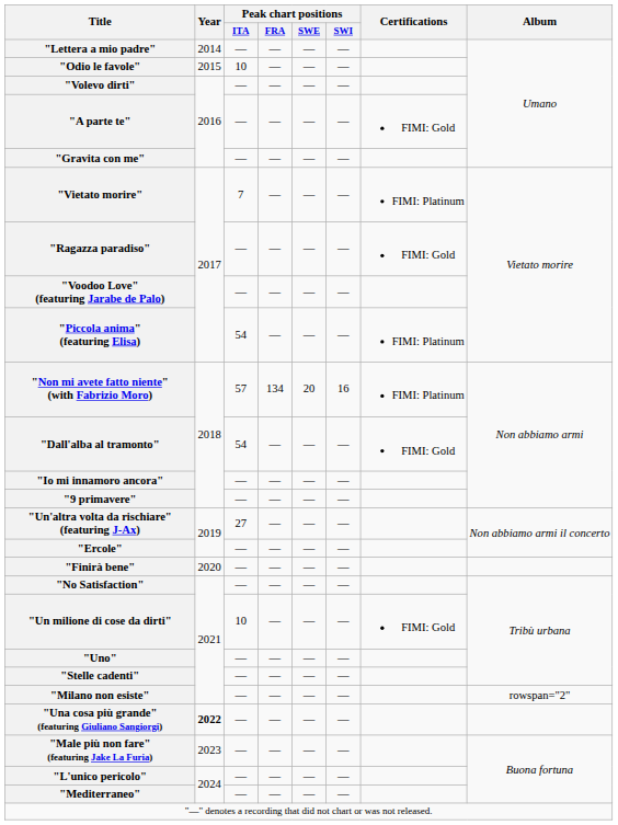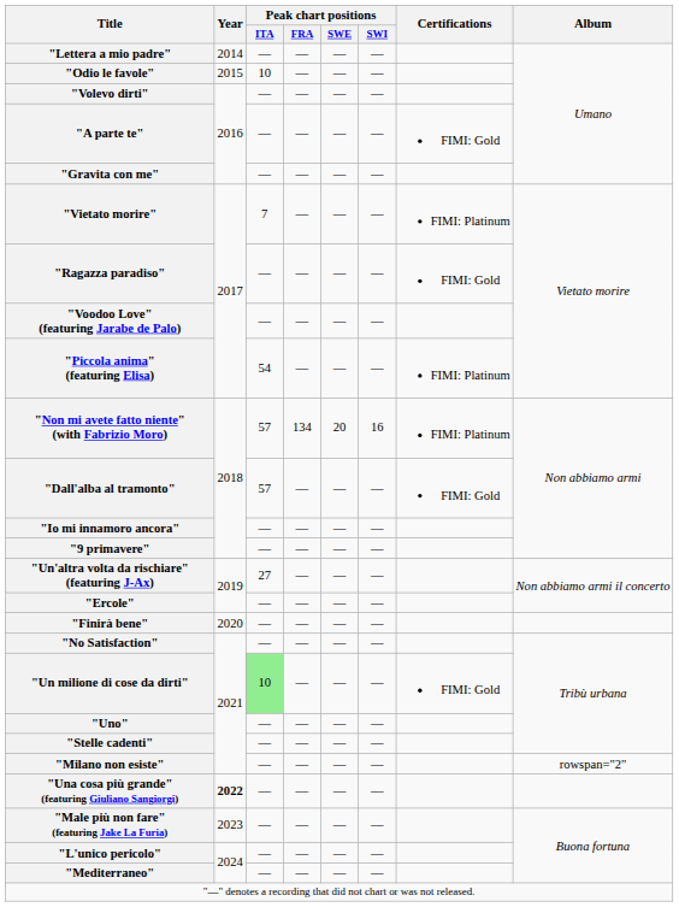 <table class="wikitable plainrowheaders" style="text-align:center;">
 <tr>
 <th scope="col" rowspan="2" style="width:16em;">Title</th>
 <th scope="col" rowspan="2" style="width:1em;">Year</th>
 <th scope="col" colspan="4">Peak chart positions</th>
 <th scope="col" rowspan="2">Certifications</th>
 <th scope="col" rowspan="2">Album</th>
 </tr>
 <tr>
 <th scope="col" style="width:3em;font-size:85%;"><a href='#'>ITA</a><br></th>
 <th scope="col" style="width:3em;font-size:85%;"><a href='#'>FRA</a><br></th>
 <th scope="col" style="width:3em;font-size:85%;"><a href='#'>SWE</a><br></th>
 <th scope="col" style="width:3em;font-size:85%;"><a href='#'>SWI</a><br></th>
 </tr>
 <tr>
 <th scope="row">"Lettera a mio padre"</th>
 <td>2014</td>
 <td>—</td>
 <td>—</td>
 <td>—</td>
 <td>—</td>
 <td></td>
 <td rowspan="5"><em>Umano</em></td>
 </tr>
 <tr>
 <th scope="row">"Odio le favole"</th>
 <td>2015</td>
 <td>10</td>
 <td>—</td>
 <td>—</td>
 <td>—</td>
 <td></td>
 </tr>
 <tr>
 <th scope="row">"Volevo dirti"</th>
 <td rowspan="3">2016</td>
 <td>—</td>
 <td>—</td>
 <td>—</td>
 <td>—</td>
 <td></td>
 </tr>
 <tr>
 <th scope="row">"A parte te"</th>
 <td>—</td>
 <td>—</td>
 <td>—</td>
 <td>—</td>
 <td><br><ul><li>FIMI: Gold</li></ul></td>
 </tr>
 <tr>
 <th scope="row">"Gravita con me"</th>
 <td>—</td>
 <td>—</td>
 <td>—</td>
 <td>—</td>
 <td></td>
 </tr>
 <tr>
 <th scope="row">"Vietato morire"</th>
 <td rowspan="4">2017</td>
 <td>7</td>
 <td>—</td>
 <td>—</td>
 <td>—</td>
 <td><br><ul><li>FIMI: Platinum</li></ul></td>
 <td rowspan="4"><em>Vietato morire</em></td>
 </tr>
 <tr>
 <th scope="row">"Ragazza paradiso"</th>
 <td>—</td>
 <td>—</td>
 <td>—</td>
 <td>—</td>
 <td><br><ul><li>FIMI: Gold</li></ul></td>
 </tr>
 <tr>
 <th scope="row">"Voodoo Love"<br><span>(featuring <a href='#'>Jarabe de Palo</a>)</span></th>
 <td>—</td>
 <td>—</td>
 <td>—</td>
 <td>—</td>
 <td></td>
 </tr>
 <tr>
 <th scope="row">"<a href='#'>Piccola anima</a>"<br><span>(featuring <a href='#'>Elisa</a>)</span></th>
 <td>54</td>
 <td>—</td>
 <td>—</td>
 <td>—</td>
 <td><br><ul><li>FIMI: Platinum</li></ul></td>
 </tr>
 <tr>
 <th scope="row">"<a href='#'>Non mi avete fatto niente</a>"<br><span>(with <a href='#'>Fabrizio Moro</a>)</span></th>
 <td rowspan="4">2018</td>
 <td>57</td>
 <td>134</td>
 <td>20</td>
 <td>16</td>
 <td><br><ul><li>FIMI: Platinum</li></ul></td>
 <td rowspan="4"><em>Non abbiamo armi</em></td>
 </tr>
 <tr>
 <th scope="row">"Dall'alba al tramonto"</th>
-<td>54</td>
+<td>57</td>
 <td>—</td>
 <td>—</td>
 <td>—</td>
 <td><br><ul><li>FIMI: Gold</li></ul></td>
 </tr>
 <tr>
 <th scope="row">"Io mi innamoro ancora"</th>
 <td>—</td>
 <td>—</td>
 <td>—</td>
 <td>—</td>
 <td></td>
 </tr>
 <tr>
 <th scope="row">"9 primavere"</th>
 <td>—</td>
 <td>—</td>
 <td>—</td>
 <td>—</td>
 <td></td>
 </tr>
 <tr>
 <th scope="row">"Un'altra volta da rischiare"<br><span>(featuring <a href='#'>J-Ax</a>)</span></th>
 <td rowspan="2">2019</td>
 <td>27</td>
 <td>—</td>
 <td>—</td>
 <td>—</td>
 <td></td>
 <td rowspan="2"><em>Non abbiamo armi il concerto</em></td>
 </tr>
 <tr>
 <th scope="row">"Ercole"</th>
 <td>—</td>
 <td>—</td>
 <td>—</td>
 <td>—</td>
 <td></td>
 </tr>
 <tr>
 <th scope="row">"Finirà bene"</th>
 <td>2020</td>
 <td>—</td>
 <td>—</td>
 <td>—</td>
 <td>—</td>
 <td></td>
 <td></td>
 </tr>
 <tr>
 <th scope="row">"No Satisfaction"</th>
 <td rowspan="5">2021</td>
 <td>—</td>
 <td>—</td>
 <td>—</td>
 <td>—</td>
 <td></td>
 <td rowspan="4"><em>Tribù urbana</em></td>
 </tr>
 <tr>
 <th scope="row">"Un milione di cose da dirti"</th>
-<td>10</td>
+<td style="background: lightgreen;">10</td>
 <td>—</td>
 <td>—</td>
 <td>—</td>
 <td><br><ul><li>FIMI: Gold</li></ul></td>
 </tr>
 <tr>
 <th scope="row">"Uno"</th>
 <td>—</td>
 <td>—</td>
 <td>—</td>
 <td>—</td>
 <td></td>
 </tr>
 <tr>
 <th scope="row">"Stelle cadenti"</th>
 <td>—</td>
 <td>—</td>
 <td>—</td>
 <td>—</td>
 <td></td>
 </tr>
 <tr>
 <th scope="row">"Milano non esiste"</th>
 <td>—</td>
 <td>—</td>
 <td>—</td>
 <td>—</td>
 <td></td>
 <td>rowspan="2" </td>
 </tr>
 <tr>
 <th scope="row">"Una cosa più grande"<br><small>(featuring <a href='#'>Giuliano Sangiorgi</a>)</small></th>
 <td><strong>2022</strong></td>
 <td>—</td>
 <td>—</td>
 <td>—</td>
 <td>—</td>
 <td></td>
 </tr>
 <tr>
 <th scope="row">"Male più non fare"<br><small>(featuring <a href='#'>Jake La Furia</a>)</small></th>
 <td>2023</td>
 <td>—</td>
 <td>—</td>
 <td>—</td>
 <td>—</td>
 <td></td>
 <td rowspan="3"><em>Buona fortuna</em></td>
 </tr>
 <tr>
 <th scope="row">"L'unico pericolo"</th>
 <td rowspan="2">2024</td>
 <td>—</td>
 <td>—</td>
 <td>—</td>
 <td>—</td>
 <td></td>
 </tr>
 <tr>
 <th scope="row">"Mediterraneo"</th>
 <td>—</td>
 <td>—</td>
 <td>—</td>
 <td>—</td>
 <td></td>
 </tr>
 <tr>
 <td colspan="20" style="font-size:85%;">"—" denotes a recording that did not chart or was not released.</td>
 </tr>
 </table>
